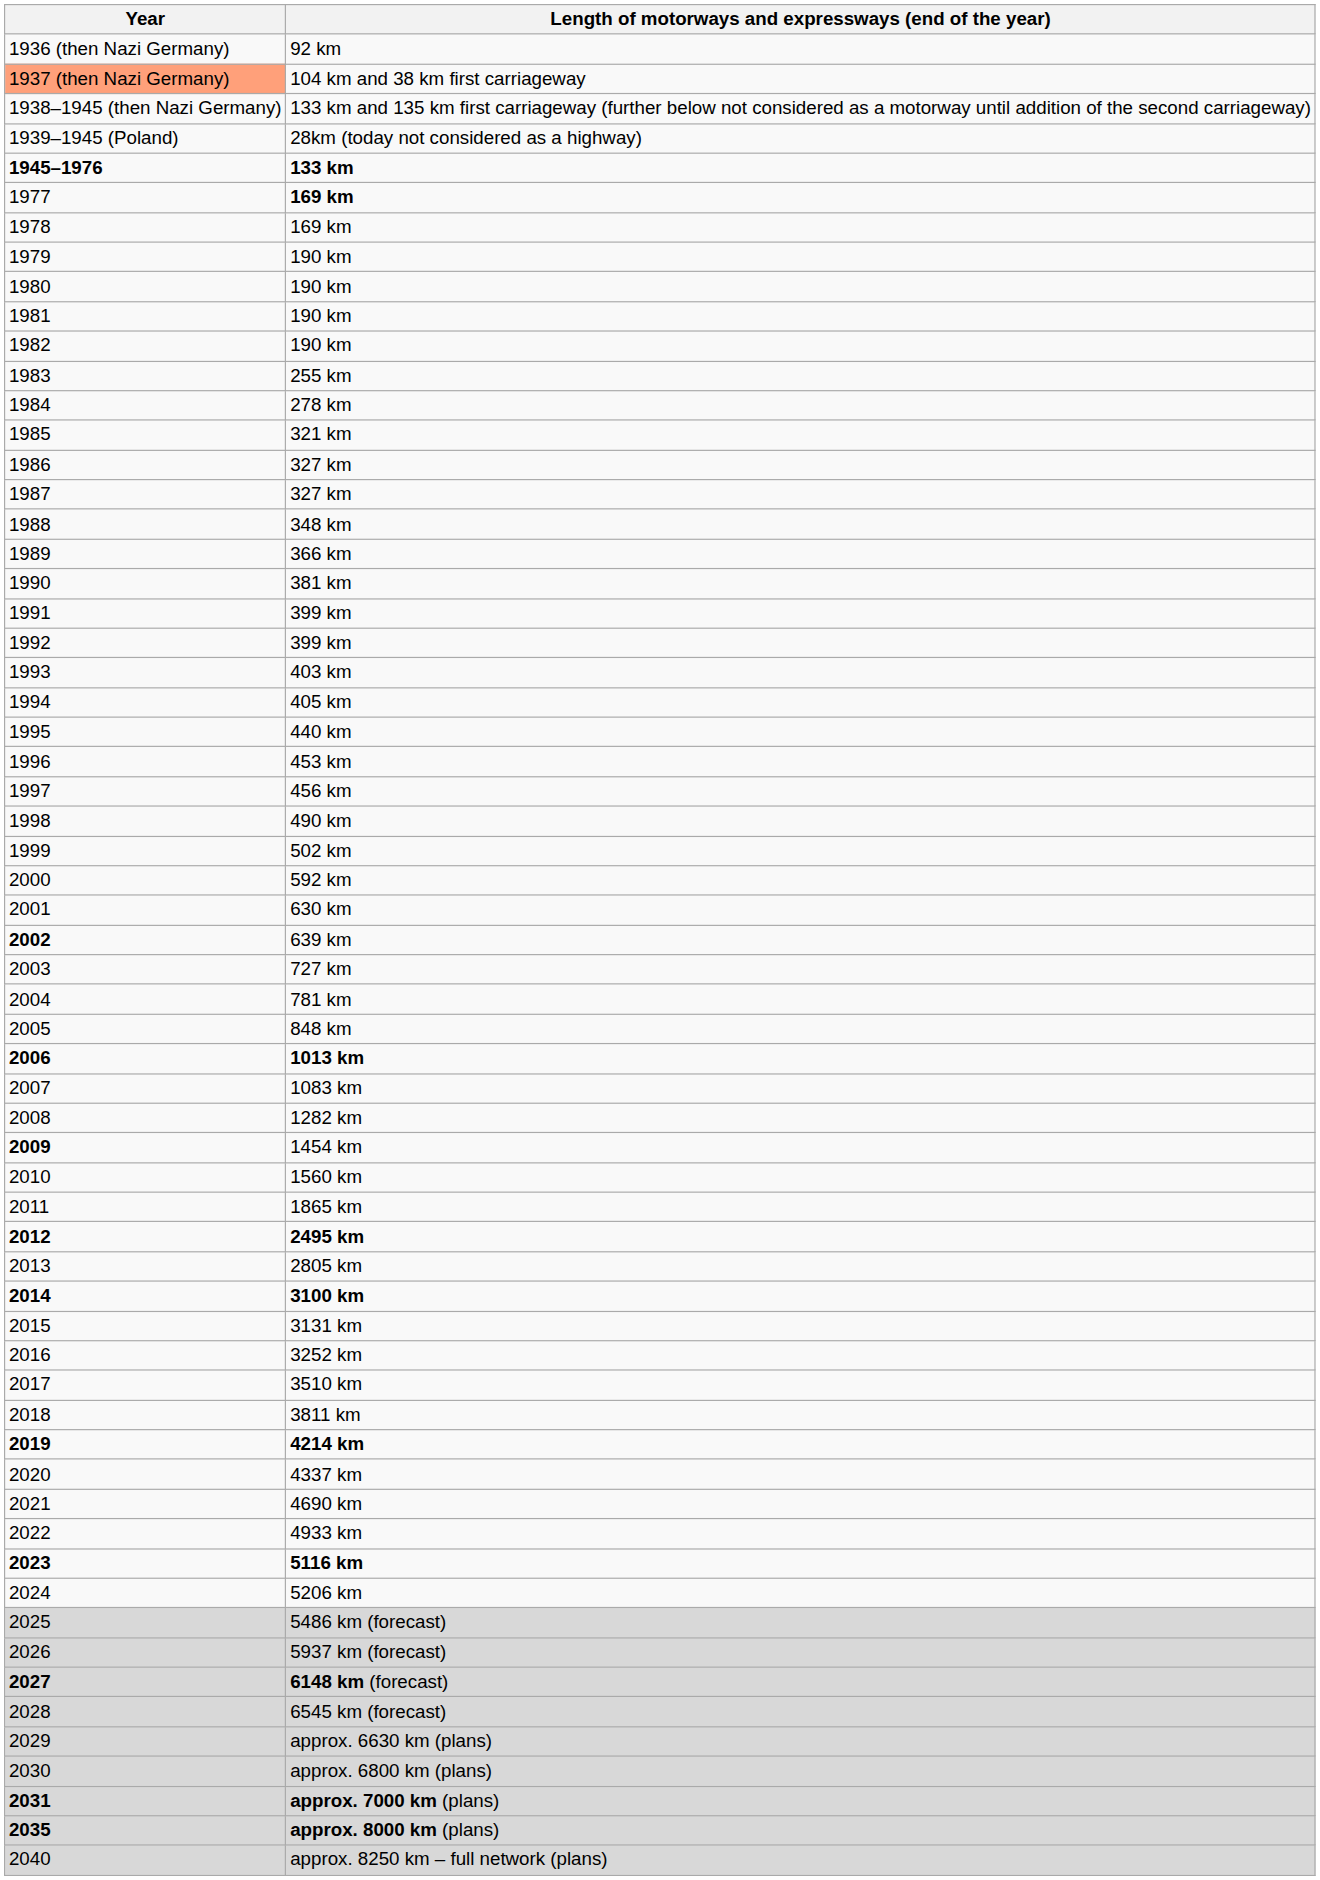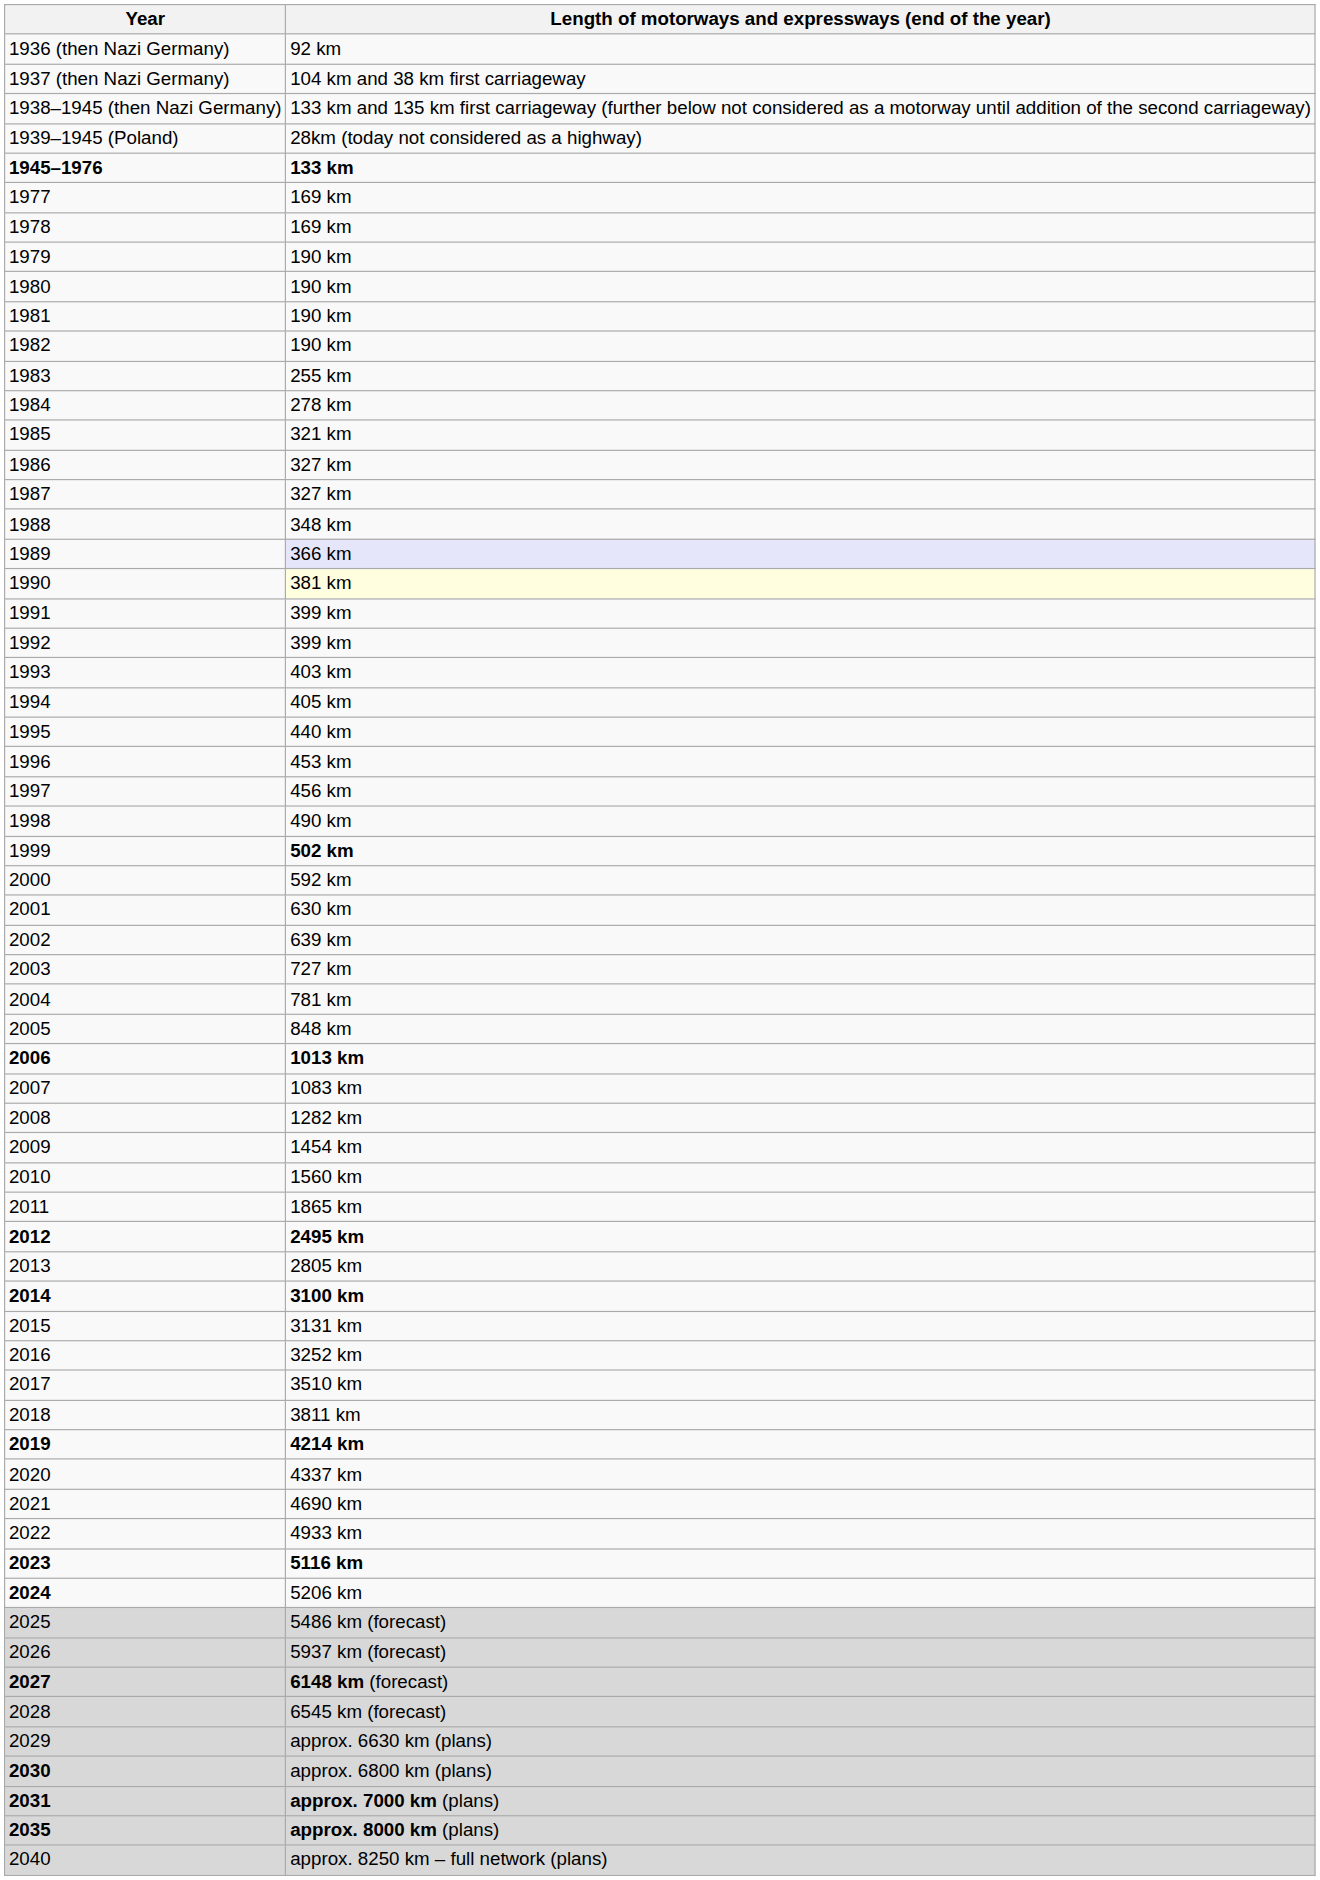 <table class="wikitable">
 <tr>
 <th>Year</th>
 <th>Length of motorways and expressways (end of the year)</th>
 </tr>
 <tr>
 <td>1936 (then Nazi Germany)</td>
 <td>92 km</td>
 </tr>
 <tr>
-<td style="background: lightsalmon;">1937 (then Nazi Germany)</td>
+<td>1937 (then Nazi Germany)</td>
 <td>104 km and 38 km first carriageway</td>
 </tr>
 <tr>
 <td>1938–1945 (then Nazi Germany)</td>
 <td>133 km and 135 km first carriageway (further below not considered as a motorway until addition of the second carriageway)</td>
 </tr>
 <tr>
 <td>1939–1945 (Poland)</td>
 <td>28km (today not considered as a highway)</td>
 </tr>
 <tr>
 <td><strong>1945–1976</strong></td>
 <td><strong>133 km</strong></td>
 </tr>
 <tr>
 <td>1977</td>
-<td><strong>169 km</strong></td>
+<td>169 km</td>
 </tr>
 <tr>
 <td>1978</td>
 <td>169 km</td>
 </tr>
 <tr>
 <td>1979</td>
 <td>190 km</td>
 </tr>
 <tr>
 <td>1980</td>
 <td>190 km</td>
 </tr>
 <tr>
 <td>1981</td>
 <td>190 km</td>
 </tr>
 <tr>
 <td>1982</td>
 <td>190 km</td>
 </tr>
 <tr>
 <td>1983</td>
 <td>255 km</td>
 </tr>
 <tr>
 <td>1984</td>
 <td>278 km</td>
 </tr>
 <tr>
 <td>1985</td>
 <td>321 km</td>
 </tr>
 <tr>
 <td>1986</td>
 <td>327 km</td>
 </tr>
 <tr>
 <td>1987</td>
 <td>327 km</td>
 </tr>
 <tr>
 <td>1988</td>
 <td>348 km</td>
 </tr>
 <tr>
 <td>1989</td>
-<td>366 km</td>
+<td style="background: lavender;">366 km</td>
 </tr>
 <tr>
 <td>1990</td>
-<td>381 km</td>
+<td style="background: lightyellow;">381 km</td>
 </tr>
 <tr>
 <td>1991</td>
 <td>399 km</td>
 </tr>
 <tr>
 <td>1992</td>
 <td>399 km</td>
 </tr>
 <tr>
 <td>1993</td>
 <td>403 km</td>
 </tr>
 <tr>
 <td>1994</td>
 <td>405 km</td>
 </tr>
 <tr>
 <td>1995</td>
 <td>440 km</td>
 </tr>
 <tr>
 <td>1996</td>
 <td>453 km</td>
 </tr>
 <tr>
 <td>1997</td>
 <td>456 km</td>
 </tr>
 <tr>
 <td>1998</td>
 <td>490 km</td>
 </tr>
 <tr>
 <td>1999</td>
-<td>502 km</td>
+<td><strong>502 km</strong></td>
 </tr>
 <tr>
 <td>2000</td>
 <td>592 km</td>
 </tr>
 <tr>
 <td>2001</td>
 <td>630 km</td>
 </tr>
 <tr>
-<td><strong>2002</strong></td>
+<td>2002</td>
 <td>639 km</td>
 </tr>
 <tr>
 <td>2003</td>
 <td>727 km</td>
 </tr>
 <tr>
 <td>2004</td>
 <td>781 km</td>
 </tr>
 <tr>
 <td>2005</td>
 <td>848 km</td>
 </tr>
 <tr>
 <td><strong>2006</strong></td>
 <td><strong>1013 km</strong></td>
 </tr>
 <tr>
 <td>2007</td>
 <td>1083 km</td>
 </tr>
 <tr>
 <td>2008</td>
 <td>1282 km</td>
 </tr>
 <tr>
-<td><strong>2009</strong></td>
+<td>2009</td>
 <td>1454 km</td>
 </tr>
 <tr>
 <td>2010</td>
 <td>1560 km</td>
 </tr>
 <tr>
 <td>2011</td>
 <td>1865 km</td>
 </tr>
 <tr>
 <td><strong>2012</strong></td>
 <td><strong>2495 km</strong></td>
 </tr>
 <tr>
 <td>2013</td>
 <td>2805 km</td>
 </tr>
 <tr>
 <td><strong>2014</strong></td>
 <td><strong>3100 km</strong></td>
 </tr>
 <tr>
 <td>2015</td>
 <td>3131 km</td>
 </tr>
 <tr>
 <td>2016</td>
 <td>3252 km</td>
 </tr>
 <tr>
 <td>2017</td>
 <td>3510 km</td>
 </tr>
 <tr>
 <td>2018</td>
 <td>3811 km</td>
 </tr>
 <tr>
 <td><strong>2019</strong></td>
 <td><strong>4214 km</strong></td>
 </tr>
 <tr>
 <td>2020</td>
 <td>4337 km</td>
 </tr>
 <tr>
 <td>2021</td>
 <td>4690 km</td>
 </tr>
 <tr>
 <td>2022</td>
 <td>4933 km</td>
 </tr>
 <tr>
 <td><strong>2023</strong></td>
 <td><strong>5116 km</strong></td>
 </tr>
 <tr>
-<td>2024</td>
+<td><strong>2024</strong></td>
 <td>5206 km</td>
 </tr>
 <tr style="background-color:#D8D8D8;">
 <td>2025</td>
 <td>5486 km (forecast)</td>
 </tr>
 <tr style="background-color:#D8D8D8;">
 <td>2026</td>
 <td>5937 km (forecast)</td>
 </tr>
 <tr style="background-color:#D8D8D8;">
 <td><strong>2027</strong></td>
 <td><strong>6148 km</strong> (forecast)</td>
 </tr>
 <tr style="background-color:#D8D8D8;">
 <td>2028</td>
 <td>6545 km (forecast)</td>
 </tr>
 <tr style="background-color:#D8D8D8;">
 <td>2029</td>
 <td>approx. 6630 km (plans)</td>
 </tr>
 <tr style="background-color:#D8D8D8;">
-<td>2030</td>
+<td><strong>2030</strong></td>
 <td>approx. 6800 km (plans)</td>
 </tr>
 <tr style="background-color:#D8D8D8;">
 <td><strong>2031</strong></td>
 <td><strong>approx. 7000 km</strong> (plans)</td>
 </tr>
 <tr style="background-color:#D8D8D8;">
 <td><strong>2035</strong></td>
 <td><strong>approx. 8000 km</strong> (plans)</td>
 </tr>
 <tr style="background-color:#D8D8D8;">
 <td>2040</td>
 <td>approx. 8250 km – full network (plans)</td>
 </tr>
 </table>
